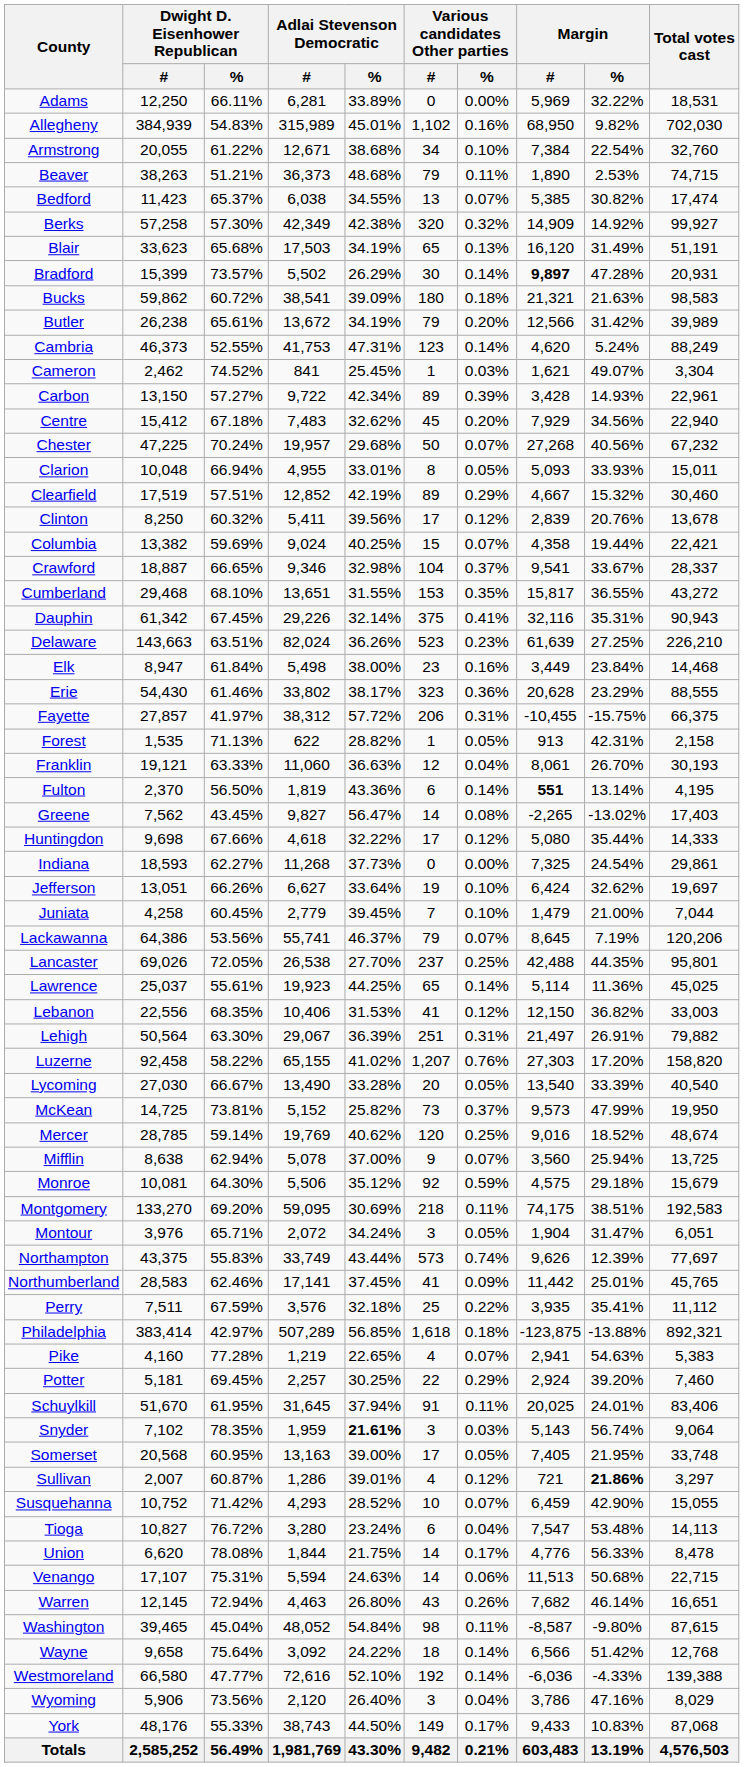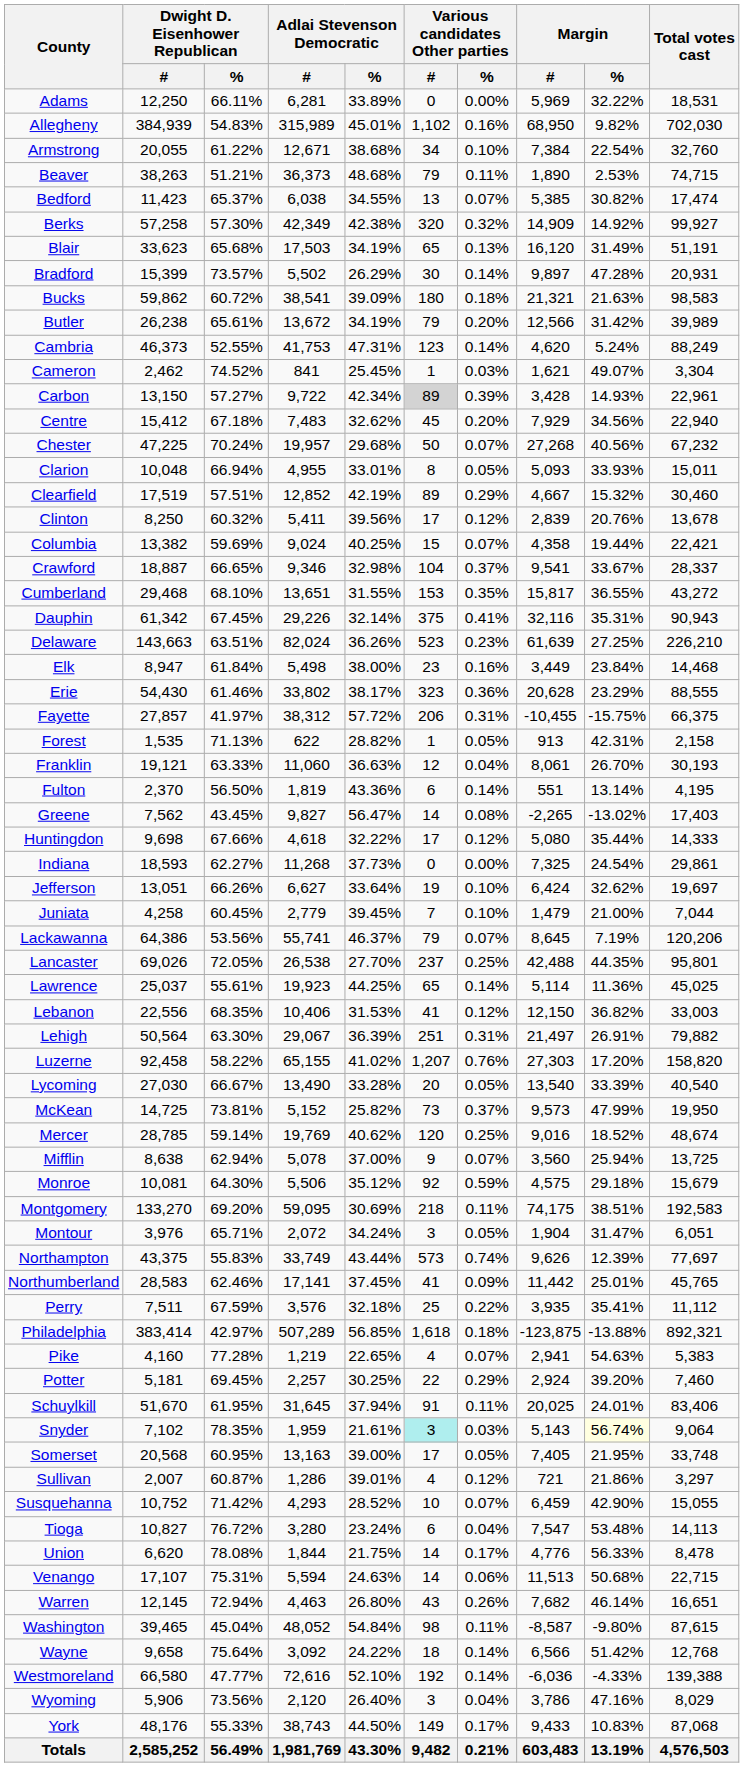 <table width="60%"  class="wikitable sortable" style="text-align:center">
 <tr>
 <th style="text-align:center;" rowspan="2">County</th>
 <th style="text-align:center;" colspan="2">Dwight D. Eisenhower<br>Republican</th>
 <th style="text-align:center;" colspan="2">Adlai Stevenson<br>Democratic</th>
 <th style="text-align:center;" colspan="2">Various candidates<br>Other parties</th>
 <th style="text-align:center;" colspan="2">Margin</th>
 <th style="text-align:center;" rowspan="2">Total votes cast</th>
 </tr>
 <tr>
 <th style="text-align:center;" data-sort-type="number">#</th>
 <th style="text-align:center;" data-sort-type="number">%</th>
 <th style="text-align:center;" data-sort-type="number">#</th>
 <th style="text-align:center;" data-sort-type="number">%</th>
 <th style="text-align:center;" data-sort-type="number">#</th>
 <th style="text-align:center;" data-sort-type="number">%</th>
 <th style="text-align:center;" data-sort-type="number">#</th>
 <th style="text-align:center;" data-sort-type="number">%</th>
 </tr>
 <tr style="text-align:center;">
 <td><a href='#'>Adams</a></td>
 <td>12,250</td>
 <td>66.11%</td>
 <td>6,281</td>
 <td>33.89%</td>
 <td>0</td>
 <td>0.00%</td>
 <td>5,969</td>
 <td>32.22%</td>
 <td>18,531</td>
 </tr>
 <tr style="text-align:center;">
 <td><a href='#'>Allegheny</a></td>
 <td>384,939</td>
 <td>54.83%</td>
 <td>315,989</td>
 <td>45.01%</td>
 <td>1,102</td>
 <td>0.16%</td>
 <td>68,950</td>
 <td>9.82%</td>
 <td>702,030</td>
 </tr>
 <tr style="text-align:center;">
 <td><a href='#'>Armstrong</a></td>
 <td>20,055</td>
 <td>61.22%</td>
 <td>12,671</td>
 <td>38.68%</td>
 <td>34</td>
 <td>0.10%</td>
 <td>7,384</td>
 <td>22.54%</td>
 <td>32,760</td>
 </tr>
 <tr style="text-align:center;">
 <td><a href='#'>Beaver</a></td>
 <td>38,263</td>
 <td>51.21%</td>
 <td>36,373</td>
 <td>48.68%</td>
 <td>79</td>
 <td>0.11%</td>
 <td>1,890</td>
 <td>2.53%</td>
 <td>74,715</td>
 </tr>
 <tr style="text-align:center;">
 <td><a href='#'>Bedford</a></td>
 <td>11,423</td>
 <td>65.37%</td>
 <td>6,038</td>
 <td>34.55%</td>
 <td>13</td>
 <td>0.07%</td>
 <td>5,385</td>
 <td>30.82%</td>
 <td>17,474</td>
 </tr>
 <tr style="text-align:center;">
 <td><a href='#'>Berks</a></td>
 <td>57,258</td>
 <td>57.30%</td>
 <td>42,349</td>
 <td>42.38%</td>
 <td>320</td>
 <td>0.32%</td>
 <td>14,909</td>
 <td>14.92%</td>
 <td>99,927</td>
 </tr>
 <tr style="text-align:center;">
 <td><a href='#'>Blair</a></td>
 <td>33,623</td>
 <td>65.68%</td>
 <td>17,503</td>
 <td>34.19%</td>
 <td>65</td>
 <td>0.13%</td>
 <td>16,120</td>
 <td>31.49%</td>
 <td>51,191</td>
 </tr>
 <tr style="text-align:center;">
 <td><a href='#'>Bradford</a></td>
 <td>15,399</td>
 <td>73.57%</td>
 <td>5,502</td>
 <td>26.29%</td>
 <td>30</td>
 <td>0.14%</td>
-<td><strong>9,897</strong></td>
+<td>9,897</td>
 <td>47.28%</td>
 <td>20,931</td>
 </tr>
 <tr style="text-align:center;">
 <td><a href='#'>Bucks</a></td>
 <td>59,862</td>
 <td>60.72%</td>
 <td>38,541</td>
 <td>39.09%</td>
 <td>180</td>
 <td>0.18%</td>
 <td>21,321</td>
 <td>21.63%</td>
 <td>98,583</td>
 </tr>
 <tr style="text-align:center;">
 <td><a href='#'>Butler</a></td>
 <td>26,238</td>
 <td>65.61%</td>
 <td>13,672</td>
 <td>34.19%</td>
 <td>79</td>
 <td>0.20%</td>
 <td>12,566</td>
 <td>31.42%</td>
 <td>39,989</td>
 </tr>
 <tr style="text-align:center;">
 <td><a href='#'>Cambria</a></td>
 <td>46,373</td>
 <td>52.55%</td>
 <td>41,753</td>
 <td>47.31%</td>
 <td>123</td>
 <td>0.14%</td>
 <td>4,620</td>
 <td>5.24%</td>
 <td>88,249</td>
 </tr>
 <tr style="text-align:center;">
 <td><a href='#'>Cameron</a></td>
 <td>2,462</td>
 <td>74.52%</td>
 <td>841</td>
 <td>25.45%</td>
 <td>1</td>
 <td>0.03%</td>
 <td>1,621</td>
 <td>49.07%</td>
 <td>3,304</td>
 </tr>
 <tr style="text-align:center;">
 <td><a href='#'>Carbon</a></td>
 <td>13,150</td>
 <td>57.27%</td>
 <td>9,722</td>
 <td>42.34%</td>
-<td>89</td>
+<td style="background: lightgrey;">89</td>
 <td>0.39%</td>
 <td>3,428</td>
 <td>14.93%</td>
 <td>22,961</td>
 </tr>
 <tr style="text-align:center;">
 <td><a href='#'>Centre</a></td>
 <td>15,412</td>
 <td>67.18%</td>
 <td>7,483</td>
 <td>32.62%</td>
 <td>45</td>
 <td>0.20%</td>
 <td>7,929</td>
 <td>34.56%</td>
 <td>22,940</td>
 </tr>
 <tr style="text-align:center;">
 <td><a href='#'>Chester</a></td>
 <td>47,225</td>
 <td>70.24%</td>
 <td>19,957</td>
 <td>29.68%</td>
 <td>50</td>
 <td>0.07%</td>
 <td>27,268</td>
 <td>40.56%</td>
 <td>67,232</td>
 </tr>
 <tr style="text-align:center;">
 <td><a href='#'>Clarion</a></td>
 <td>10,048</td>
 <td>66.94%</td>
 <td>4,955</td>
 <td>33.01%</td>
 <td>8</td>
 <td>0.05%</td>
 <td>5,093</td>
 <td>33.93%</td>
 <td>15,011</td>
 </tr>
 <tr style="text-align:center;">
 <td><a href='#'>Clearfield</a></td>
 <td>17,519</td>
 <td>57.51%</td>
 <td>12,852</td>
 <td>42.19%</td>
 <td>89</td>
 <td>0.29%</td>
 <td>4,667</td>
 <td>15.32%</td>
 <td>30,460</td>
 </tr>
 <tr style="text-align:center;">
 <td><a href='#'>Clinton</a></td>
 <td>8,250</td>
 <td>60.32%</td>
 <td>5,411</td>
 <td>39.56%</td>
 <td>17</td>
 <td>0.12%</td>
 <td>2,839</td>
 <td>20.76%</td>
 <td>13,678</td>
 </tr>
 <tr style="text-align:center;">
 <td><a href='#'>Columbia</a></td>
 <td>13,382</td>
 <td>59.69%</td>
 <td>9,024</td>
 <td>40.25%</td>
 <td>15</td>
 <td>0.07%</td>
 <td>4,358</td>
 <td>19.44%</td>
 <td>22,421</td>
 </tr>
 <tr style="text-align:center;">
 <td><a href='#'>Crawford</a></td>
 <td>18,887</td>
 <td>66.65%</td>
 <td>9,346</td>
 <td>32.98%</td>
 <td>104</td>
 <td>0.37%</td>
 <td>9,541</td>
 <td>33.67%</td>
 <td>28,337</td>
 </tr>
 <tr style="text-align:center;">
 <td><a href='#'>Cumberland</a></td>
 <td>29,468</td>
 <td>68.10%</td>
 <td>13,651</td>
 <td>31.55%</td>
 <td>153</td>
 <td>0.35%</td>
 <td>15,817</td>
 <td>36.55%</td>
 <td>43,272</td>
 </tr>
 <tr style="text-align:center;">
 <td><a href='#'>Dauphin</a></td>
 <td>61,342</td>
 <td>67.45%</td>
 <td>29,226</td>
 <td>32.14%</td>
 <td>375</td>
 <td>0.41%</td>
 <td>32,116</td>
 <td>35.31%</td>
 <td>90,943</td>
 </tr>
 <tr style="text-align:center;">
 <td><a href='#'>Delaware</a></td>
 <td>143,663</td>
 <td>63.51%</td>
 <td>82,024</td>
 <td>36.26%</td>
 <td>523</td>
 <td>0.23%</td>
 <td>61,639</td>
 <td>27.25%</td>
 <td>226,210</td>
 </tr>
 <tr style="text-align:center;">
 <td><a href='#'>Elk</a></td>
 <td>8,947</td>
 <td>61.84%</td>
 <td>5,498</td>
 <td>38.00%</td>
 <td>23</td>
 <td>0.16%</td>
 <td>3,449</td>
 <td>23.84%</td>
 <td>14,468</td>
 </tr>
 <tr style="text-align:center;">
 <td><a href='#'>Erie</a></td>
 <td>54,430</td>
 <td>61.46%</td>
 <td>33,802</td>
 <td>38.17%</td>
 <td>323</td>
 <td>0.36%</td>
 <td>20,628</td>
 <td>23.29%</td>
 <td>88,555</td>
 </tr>
 <tr style="text-align:center;">
 <td><a href='#'>Fayette</a></td>
 <td>27,857</td>
 <td>41.97%</td>
 <td>38,312</td>
 <td>57.72%</td>
 <td>206</td>
 <td>0.31%</td>
 <td>-10,455</td>
 <td>-15.75%</td>
 <td>66,375</td>
 </tr>
 <tr style="text-align:center;">
 <td><a href='#'>Forest</a></td>
 <td>1,535</td>
 <td>71.13%</td>
 <td>622</td>
 <td>28.82%</td>
 <td>1</td>
 <td>0.05%</td>
 <td>913</td>
 <td>42.31%</td>
 <td>2,158</td>
 </tr>
 <tr style="text-align:center;">
 <td><a href='#'>Franklin</a></td>
 <td>19,121</td>
 <td>63.33%</td>
 <td>11,060</td>
 <td>36.63%</td>
 <td>12</td>
 <td>0.04%</td>
 <td>8,061</td>
 <td>26.70%</td>
 <td>30,193</td>
 </tr>
 <tr style="text-align:center;">
 <td><a href='#'>Fulton</a></td>
 <td>2,370</td>
 <td>56.50%</td>
 <td>1,819</td>
 <td>43.36%</td>
 <td>6</td>
 <td>0.14%</td>
-<td><strong>551</strong></td>
+<td>551</td>
 <td>13.14%</td>
 <td>4,195</td>
 </tr>
 <tr style="text-align:center;">
 <td><a href='#'>Greene</a></td>
 <td>7,562</td>
 <td>43.45%</td>
 <td>9,827</td>
 <td>56.47%</td>
 <td>14</td>
 <td>0.08%</td>
 <td>-2,265</td>
 <td>-13.02%</td>
 <td>17,403</td>
 </tr>
 <tr style="text-align:center;">
 <td><a href='#'>Huntingdon</a></td>
 <td>9,698</td>
 <td>67.66%</td>
 <td>4,618</td>
 <td>32.22%</td>
 <td>17</td>
 <td>0.12%</td>
 <td>5,080</td>
 <td>35.44%</td>
 <td>14,333</td>
 </tr>
 <tr style="text-align:center;">
 <td><a href='#'>Indiana</a></td>
 <td>18,593</td>
 <td>62.27%</td>
 <td>11,268</td>
 <td>37.73%</td>
 <td>0</td>
 <td>0.00%</td>
 <td>7,325</td>
 <td>24.54%</td>
 <td>29,861</td>
 </tr>
 <tr style="text-align:center;">
 <td><a href='#'>Jefferson</a></td>
 <td>13,051</td>
 <td>66.26%</td>
 <td>6,627</td>
 <td>33.64%</td>
 <td>19</td>
 <td>0.10%</td>
 <td>6,424</td>
 <td>32.62%</td>
 <td>19,697</td>
 </tr>
 <tr style="text-align:center;">
 <td><a href='#'>Juniata</a></td>
 <td>4,258</td>
 <td>60.45%</td>
 <td>2,779</td>
 <td>39.45%</td>
 <td>7</td>
 <td>0.10%</td>
 <td>1,479</td>
 <td>21.00%</td>
 <td>7,044</td>
 </tr>
 <tr style="text-align:center;">
 <td><a href='#'>Lackawanna</a></td>
 <td>64,386</td>
 <td>53.56%</td>
 <td>55,741</td>
 <td>46.37%</td>
 <td>79</td>
 <td>0.07%</td>
 <td>8,645</td>
 <td>7.19%</td>
 <td>120,206</td>
 </tr>
 <tr style="text-align:center;">
 <td><a href='#'>Lancaster</a></td>
 <td>69,026</td>
 <td>72.05%</td>
 <td>26,538</td>
 <td>27.70%</td>
 <td>237</td>
 <td>0.25%</td>
 <td>42,488</td>
 <td>44.35%</td>
 <td>95,801</td>
 </tr>
 <tr style="text-align:center;">
 <td><a href='#'>Lawrence</a></td>
 <td>25,037</td>
 <td>55.61%</td>
 <td>19,923</td>
 <td>44.25%</td>
 <td>65</td>
 <td>0.14%</td>
 <td>5,114</td>
 <td>11.36%</td>
 <td>45,025</td>
 </tr>
 <tr style="text-align:center;">
 <td><a href='#'>Lebanon</a></td>
 <td>22,556</td>
 <td>68.35%</td>
 <td>10,406</td>
 <td>31.53%</td>
 <td>41</td>
 <td>0.12%</td>
 <td>12,150</td>
 <td>36.82%</td>
 <td>33,003</td>
 </tr>
 <tr style="text-align:center;">
 <td><a href='#'>Lehigh</a></td>
 <td>50,564</td>
 <td>63.30%</td>
 <td>29,067</td>
 <td>36.39%</td>
 <td>251</td>
 <td>0.31%</td>
 <td>21,497</td>
 <td>26.91%</td>
 <td>79,882</td>
 </tr>
 <tr style="text-align:center;">
 <td><a href='#'>Luzerne</a></td>
 <td>92,458</td>
 <td>58.22%</td>
 <td>65,155</td>
 <td>41.02%</td>
 <td>1,207</td>
 <td>0.76%</td>
 <td>27,303</td>
 <td>17.20%</td>
 <td>158,820</td>
 </tr>
 <tr style="text-align:center;">
 <td><a href='#'>Lycoming</a></td>
 <td>27,030</td>
 <td>66.67%</td>
 <td>13,490</td>
 <td>33.28%</td>
 <td>20</td>
 <td>0.05%</td>
 <td>13,540</td>
 <td>33.39%</td>
 <td>40,540</td>
 </tr>
 <tr style="text-align:center;">
 <td><a href='#'>McKean</a></td>
 <td>14,725</td>
 <td>73.81%</td>
 <td>5,152</td>
 <td>25.82%</td>
 <td>73</td>
 <td>0.37%</td>
 <td>9,573</td>
 <td>47.99%</td>
 <td>19,950</td>
 </tr>
 <tr style="text-align:center;">
 <td><a href='#'>Mercer</a></td>
 <td>28,785</td>
 <td>59.14%</td>
 <td>19,769</td>
 <td>40.62%</td>
 <td>120</td>
 <td>0.25%</td>
 <td>9,016</td>
 <td>18.52%</td>
 <td>48,674</td>
 </tr>
 <tr style="text-align:center;">
 <td><a href='#'>Mifflin</a></td>
 <td>8,638</td>
 <td>62.94%</td>
 <td>5,078</td>
 <td>37.00%</td>
 <td>9</td>
 <td>0.07%</td>
 <td>3,560</td>
 <td>25.94%</td>
 <td>13,725</td>
 </tr>
 <tr style="text-align:center;">
 <td><a href='#'>Monroe</a></td>
 <td>10,081</td>
 <td>64.30%</td>
 <td>5,506</td>
 <td>35.12%</td>
 <td>92</td>
 <td>0.59%</td>
 <td>4,575</td>
 <td>29.18%</td>
 <td>15,679</td>
 </tr>
 <tr style="text-align:center;">
 <td><a href='#'>Montgomery</a></td>
 <td>133,270</td>
 <td>69.20%</td>
 <td>59,095</td>
 <td>30.69%</td>
 <td>218</td>
 <td>0.11%</td>
 <td>74,175</td>
 <td>38.51%</td>
 <td>192,583</td>
 </tr>
 <tr style="text-align:center;">
 <td><a href='#'>Montour</a></td>
 <td>3,976</td>
 <td>65.71%</td>
 <td>2,072</td>
 <td>34.24%</td>
 <td>3</td>
 <td>0.05%</td>
 <td>1,904</td>
 <td>31.47%</td>
 <td>6,051</td>
 </tr>
 <tr style="text-align:center;">
 <td><a href='#'>Northampton</a></td>
 <td>43,375</td>
 <td>55.83%</td>
 <td>33,749</td>
 <td>43.44%</td>
 <td>573</td>
 <td>0.74%</td>
 <td>9,626</td>
 <td>12.39%</td>
 <td>77,697</td>
 </tr>
 <tr style="text-align:center;">
 <td><a href='#'>Northumberland</a></td>
 <td>28,583</td>
 <td>62.46%</td>
 <td>17,141</td>
 <td>37.45%</td>
 <td>41</td>
 <td>0.09%</td>
 <td>11,442</td>
 <td>25.01%</td>
 <td>45,765</td>
 </tr>
 <tr style="text-align:center;">
 <td><a href='#'>Perry</a></td>
 <td>7,511</td>
 <td>67.59%</td>
 <td>3,576</td>
 <td>32.18%</td>
 <td>25</td>
 <td>0.22%</td>
 <td>3,935</td>
 <td>35.41%</td>
 <td>11,112</td>
 </tr>
 <tr style="text-align:center;">
 <td><a href='#'>Philadelphia</a></td>
 <td>383,414</td>
 <td>42.97%</td>
 <td>507,289</td>
 <td>56.85%</td>
 <td>1,618</td>
 <td>0.18%</td>
 <td>-123,875</td>
 <td>-13.88%</td>
 <td>892,321</td>
 </tr>
 <tr style="text-align:center;">
 <td><a href='#'>Pike</a></td>
 <td>4,160</td>
 <td>77.28%</td>
 <td>1,219</td>
 <td>22.65%</td>
 <td>4</td>
 <td>0.07%</td>
 <td>2,941</td>
 <td>54.63%</td>
 <td>5,383</td>
 </tr>
 <tr style="text-align:center;">
 <td><a href='#'>Potter</a></td>
 <td>5,181</td>
 <td>69.45%</td>
 <td>2,257</td>
 <td>30.25%</td>
 <td>22</td>
 <td>0.29%</td>
 <td>2,924</td>
 <td>39.20%</td>
 <td>7,460</td>
 </tr>
 <tr style="text-align:center;">
 <td><a href='#'>Schuylkill</a></td>
 <td>51,670</td>
 <td>61.95%</td>
 <td>31,645</td>
 <td>37.94%</td>
 <td>91</td>
 <td>0.11%</td>
 <td>20,025</td>
 <td>24.01%</td>
 <td>83,406</td>
 </tr>
 <tr style="text-align:center;">
 <td><a href='#'>Snyder</a></td>
 <td>7,102</td>
 <td>78.35%</td>
 <td>1,959</td>
-<td><strong>21.61%</strong></td>
-<td>3</td>
+<td>21.61%</td>
+<td style="background: paleturquoise;">3</td>
 <td>0.03%</td>
 <td>5,143</td>
-<td>56.74%</td>
+<td style="background: lightyellow;">56.74%</td>
 <td>9,064</td>
 </tr>
 <tr style="text-align:center;">
 <td><a href='#'>Somerset</a></td>
 <td>20,568</td>
 <td>60.95%</td>
 <td>13,163</td>
 <td>39.00%</td>
 <td>17</td>
 <td>0.05%</td>
 <td>7,405</td>
 <td>21.95%</td>
 <td>33,748</td>
 </tr>
 <tr style="text-align:center;">
 <td><a href='#'>Sullivan</a></td>
 <td>2,007</td>
 <td>60.87%</td>
 <td>1,286</td>
 <td>39.01%</td>
 <td>4</td>
 <td>0.12%</td>
 <td>721</td>
-<td><strong>21.86%</strong></td>
+<td>21.86%</td>
 <td>3,297</td>
 </tr>
 <tr style="text-align:center;">
 <td><a href='#'>Susquehanna</a></td>
 <td>10,752</td>
 <td>71.42%</td>
 <td>4,293</td>
 <td>28.52%</td>
 <td>10</td>
 <td>0.07%</td>
 <td>6,459</td>
 <td>42.90%</td>
 <td>15,055</td>
 </tr>
 <tr style="text-align:center;">
 <td><a href='#'>Tioga</a></td>
 <td>10,827</td>
 <td>76.72%</td>
 <td>3,280</td>
 <td>23.24%</td>
 <td>6</td>
 <td>0.04%</td>
 <td>7,547</td>
 <td>53.48%</td>
 <td>14,113</td>
 </tr>
 <tr style="text-align:center;">
 <td><a href='#'>Union</a></td>
 <td>6,620</td>
 <td>78.08%</td>
 <td>1,844</td>
 <td>21.75%</td>
 <td>14</td>
 <td>0.17%</td>
 <td>4,776</td>
 <td>56.33%</td>
 <td>8,478</td>
 </tr>
 <tr style="text-align:center;">
 <td><a href='#'>Venango</a></td>
 <td>17,107</td>
 <td>75.31%</td>
 <td>5,594</td>
 <td>24.63%</td>
 <td>14</td>
 <td>0.06%</td>
 <td>11,513</td>
 <td>50.68%</td>
 <td>22,715</td>
 </tr>
 <tr style="text-align:center;">
 <td><a href='#'>Warren</a></td>
 <td>12,145</td>
 <td>72.94%</td>
 <td>4,463</td>
 <td>26.80%</td>
 <td>43</td>
 <td>0.26%</td>
 <td>7,682</td>
 <td>46.14%</td>
 <td>16,651</td>
 </tr>
 <tr style="text-align:center;">
 <td><a href='#'>Washington</a></td>
 <td>39,465</td>
 <td>45.04%</td>
 <td>48,052</td>
 <td>54.84%</td>
 <td>98</td>
 <td>0.11%</td>
 <td>-8,587</td>
 <td>-9.80%</td>
 <td>87,615</td>
 </tr>
 <tr style="text-align:center;">
 <td><a href='#'>Wayne</a></td>
 <td>9,658</td>
 <td>75.64%</td>
 <td>3,092</td>
 <td>24.22%</td>
 <td>18</td>
 <td>0.14%</td>
 <td>6,566</td>
 <td>51.42%</td>
 <td>12,768</td>
 </tr>
 <tr style="text-align:center;">
 <td><a href='#'>Westmoreland</a></td>
 <td>66,580</td>
 <td>47.77%</td>
 <td>72,616</td>
 <td>52.10%</td>
 <td>192</td>
 <td>0.14%</td>
 <td>-6,036</td>
 <td>-4.33%</td>
 <td>139,388</td>
 </tr>
 <tr style="text-align:center;">
 <td><a href='#'>Wyoming</a></td>
 <td>5,906</td>
 <td>73.56%</td>
 <td>2,120</td>
 <td>26.40%</td>
 <td>3</td>
 <td>0.04%</td>
 <td>3,786</td>
 <td>47.16%</td>
 <td>8,029</td>
 </tr>
 <tr style="text-align:center;">
 <td><a href='#'>York</a></td>
 <td>48,176</td>
 <td>55.33%</td>
 <td>38,743</td>
 <td>44.50%</td>
 <td>149</td>
 <td>0.17%</td>
 <td>9,433</td>
 <td>10.83%</td>
 <td>87,068</td>
 </tr>
 <tr style="text-align:center;">
 <th>Totals</th>
 <th>2,585,252</th>
 <th>56.49%</th>
 <th>1,981,769</th>
 <th>43.30%</th>
 <th>9,482</th>
 <th>0.21%</th>
 <th>603,483</th>
 <th>13.19%</th>
 <th>4,576,503</th>
 </tr>
 </table>
